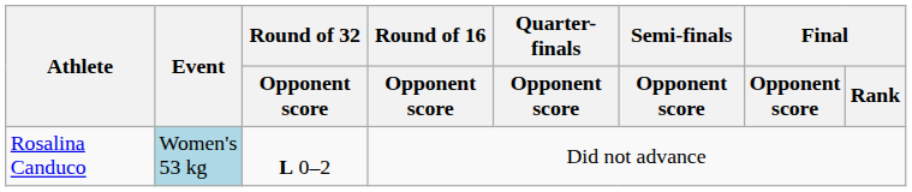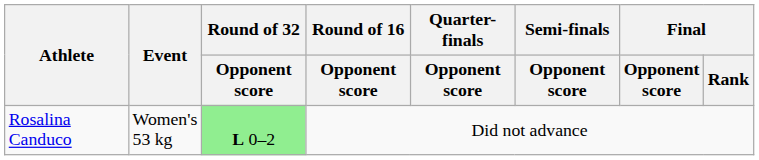 <table class="wikitable" style="font-size:90%; text-align:center">
 <tr>
 <th rowspan="2" width="150">Athlete</th>
 <th rowspan="2">Event</th>
 <th width="100">Round of 32</th>
 <th width="100">Round of 16</th>
 <th width="100">Quarter-finals</th>
 <th width="100">Semi-finals</th>
 <th colspan="2" width="100">Final</th>
 </tr>
 <tr>
 <th>Opponent<br>score</th>
 <th>Opponent<br>score</th>
 <th>Opponent<br>score</th>
 <th>Opponent<br>score</th>
 <th>Opponent<br>score</th>
 <th>Rank</th>
 </tr>
 <tr>
 <td align="left"><a href='#'>Rosalina Canduco</a></td>
-<td align="left" style="background: lightblue;">Women's 53 kg</td>
-<td><br><strong>L</strong> 0–2</td>
+<td align="left">Women's 53 kg</td>
+<td style="background: lightgreen;"><br><strong>L</strong> 0–2</td>
 <td colspan="5">Did not advance</td>
 </tr>
 </table>
